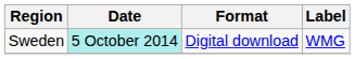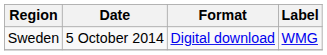 <table class=wikitable>
 <tr>
 <th>Region</th>
 <th>Date</th>
 <th>Format</th>
 <th>Label</th>
 </tr>
 <tr>
 <td>Sweden</td>
-<td style="background: paleturquoise;">5 October 2014</td>
+<td>5 October 2014</td>
 <td><a href='#'>Digital download</a></td>
 <td><a href='#'>WMG</a></td>
 </tr>
 <tr>
 </tr>
 </table>
